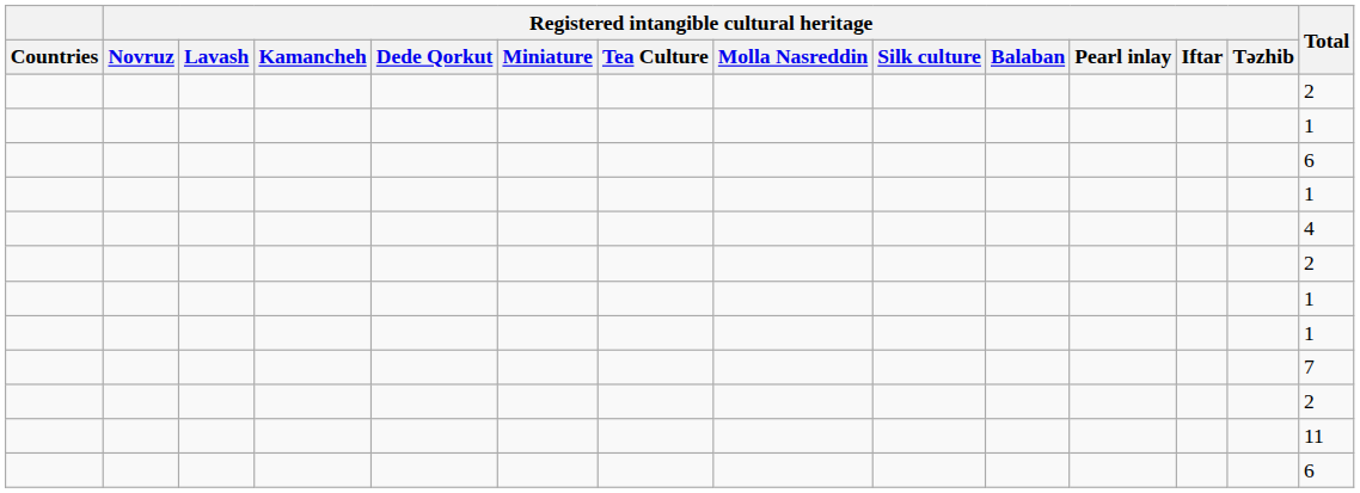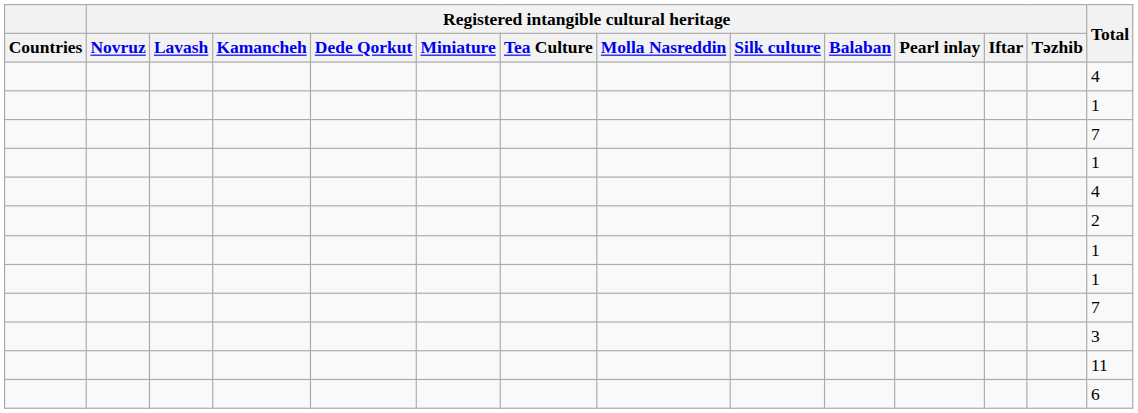 <table class="wikitable unsortable" style="margin:0 1em 0 0; font-size:95%;">
 <tr>
 <th></th>
 <th colspan="12">Registered intangible cultural heritage</th>
 <th rowspan="2">Total</th>
 </tr>
 <tr bgcolor="#cccccc">
 <th>Countries</th>
 <th><a href='#'>Novruz</a></th>
 <th><a href='#'>Lavash</a></th>
 <th><a href='#'>Kamancheh</a></th>
 <th><a href='#'>Dede Qorkut</a></th>
 <th><a href='#'>Miniature</a></th>
 <th><a href='#'>Tea</a> Culture</th>
 <th><a href='#'>Molla Nasreddin</a></th>
 <th><a href='#'>Silk culture</a></th>
 <th><a href='#'>Balaban</a></th>
 <th>Pearl inlay</th>
 <th>Iftar</th>
 <th>Təzhib</th>
 </tr>
 <tr>
 <td></td>
 <td></td>
 <td></td>
 <td></td>
 <td></td>
 <td></td>
 <td></td>
 <td></td>
 <td></td>
 <td></td>
 <td></td>
 <td></td>
 <td></td>
-<td>2</td>
+<td>4</td>
 </tr>
 <tr>
 <td></td>
 <td></td>
 <td></td>
 <td></td>
 <td></td>
 <td></td>
 <td></td>
 <td></td>
 <td></td>
 <td></td>
 <td></td>
 <td></td>
 <td></td>
 <td>1</td>
 </tr>
 <tr>
 <td></td>
 <td></td>
 <td></td>
 <td></td>
 <td></td>
 <td></td>
 <td></td>
 <td></td>
 <td></td>
 <td></td>
 <td></td>
 <td></td>
 <td></td>
-<td>6</td>
+<td>7</td>
 </tr>
 <tr>
 <td></td>
 <td></td>
 <td></td>
 <td></td>
 <td></td>
 <td></td>
 <td></td>
 <td></td>
 <td></td>
 <td></td>
 <td></td>
 <td></td>
 <td></td>
 <td>1</td>
 </tr>
 <tr>
 <td></td>
 <td></td>
 <td></td>
 <td></td>
 <td></td>
 <td></td>
 <td></td>
 <td></td>
 <td></td>
 <td></td>
 <td></td>
 <td></td>
 <td></td>
 <td>4</td>
 </tr>
 <tr>
 <td></td>
 <td></td>
 <td></td>
 <td></td>
 <td></td>
 <td></td>
 <td></td>
 <td></td>
 <td></td>
 <td></td>
 <td></td>
 <td></td>
 <td></td>
 <td>2</td>
 </tr>
 <tr>
 <td></td>
 <td></td>
 <td></td>
 <td></td>
 <td></td>
 <td></td>
 <td></td>
 <td></td>
 <td></td>
 <td></td>
 <td></td>
 <td></td>
 <td></td>
 <td>1</td>
 </tr>
 <tr>
 <td></td>
 <td></td>
 <td></td>
 <td></td>
 <td></td>
 <td></td>
 <td></td>
 <td></td>
 <td></td>
 <td></td>
 <td></td>
 <td></td>
 <td></td>
 <td>1</td>
 </tr>
 <tr>
 <td></td>
 <td></td>
 <td></td>
 <td></td>
 <td></td>
 <td></td>
 <td></td>
 <td></td>
 <td></td>
 <td></td>
 <td></td>
 <td></td>
 <td></td>
 <td>7</td>
 </tr>
 <tr>
 <td></td>
 <td></td>
 <td></td>
 <td></td>
 <td></td>
 <td></td>
 <td></td>
 <td></td>
 <td></td>
 <td></td>
 <td></td>
 <td></td>
 <td></td>
-<td>2</td>
+<td>3</td>
 </tr>
 <tr>
 <td></td>
 <td></td>
 <td></td>
 <td></td>
 <td></td>
 <td></td>
 <td></td>
 <td></td>
 <td></td>
 <td></td>
 <td></td>
 <td></td>
 <td></td>
 <td>11</td>
 </tr>
 <tr>
 <td></td>
 <td></td>
 <td></td>
 <td></td>
 <td></td>
 <td></td>
 <td></td>
 <td></td>
 <td></td>
 <td></td>
 <td></td>
 <td></td>
 <td></td>
 <td>6</td>
 </tr>
 </table>
